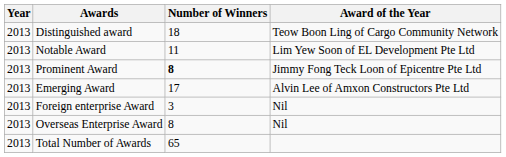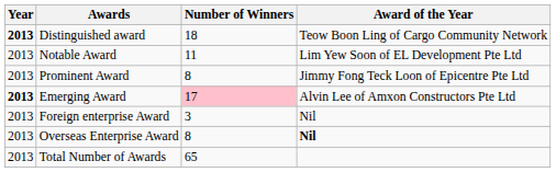 <table class="wikitable">
 <tr>
 <th>Year</th>
 <th>Awards</th>
 <th>Number of Winners</th>
 <th>Award of the Year</th>
 </tr>
 <tr>
-<td>2013</td>
+<td><strong>2013</strong></td>
 <td>Distinguished award</td>
 <td>18</td>
 <td>Teow Boon Ling of Cargo Community Network</td>
 </tr>
 <tr>
 <td>2013</td>
 <td>Notable Award</td>
 <td>11</td>
 <td>Lim Yew Soon of EL Development Pte Ltd</td>
 </tr>
 <tr>
 <td>2013</td>
 <td>Prominent Award</td>
-<td><strong>8</strong></td>
+<td>8</td>
 <td>Jimmy Fong Teck Loon of Epicentre Pte Ltd</td>
 </tr>
 <tr>
-<td>2013</td>
+<td><strong>2013</strong></td>
 <td>Emerging Award</td>
-<td>17</td>
+<td style="background: pink;">17</td>
 <td>Alvin Lee of Amxon Constructors Pte Ltd</td>
 </tr>
 <tr>
 <td>2013</td>
 <td>Foreign enterprise Award</td>
 <td>3</td>
 <td>Nil</td>
 </tr>
 <tr>
 <td>2013</td>
 <td>Overseas Enterprise Award</td>
 <td>8</td>
-<td>Nil</td>
+<td><strong>Nil</strong></td>
 </tr>
 <tr>
 <td>2013</td>
 <td>Total Number of Awards</td>
 <td>65</td>
 </tr>
 </table>
